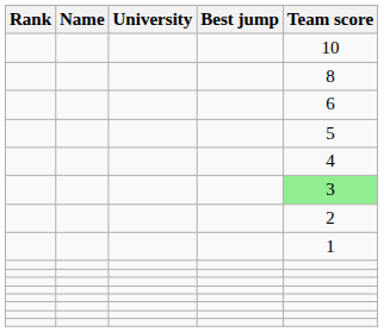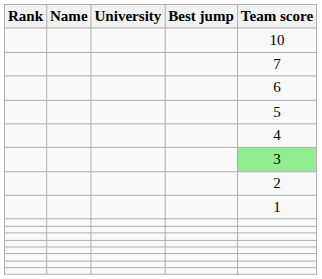 <table class="wikitable sortable" style="text-align:center">
 <tr>
 <th>Rank</th>
 <th>Name</th>
 <th>University</th>
 <th>Best jump</th>
 <th>Team score</th>
 </tr>
 <tr>
 <td></td>
 <td align=left></td>
 <td></td>
 <td><strong></strong></td>
 <td>10</td>
 </tr>
 <tr>
 <td></td>
 <td align=left></td>
 <td></td>
 <td><strong></strong></td>
-<td>8</td>
+<td>7</td>
 </tr>
 <tr>
 <td></td>
 <td align=left></td>
 <td></td>
 <td><strong></strong></td>
 <td>6</td>
 </tr>
 <tr>
 <td></td>
 <td align=left></td>
 <td></td>
 <td><strong></strong></td>
 <td>5</td>
 </tr>
 <tr>
 <td></td>
 <td align=left></td>
 <td></td>
 <td><strong></strong></td>
 <td>4</td>
 </tr>
 <tr>
 <td></td>
 <td align=left></td>
 <td></td>
 <td><strong></strong></td>
 <td style="background: lightgreen;">3</td>
 </tr>
 <tr>
 <td></td>
 <td align=left></td>
 <td></td>
 <td><strong></strong></td>
 <td>2</td>
 </tr>
 <tr>
 <td></td>
 <td align=left></td>
 <td></td>
 <td><strong></strong></td>
 <td>1</td>
 </tr>
 <tr>
 <td></td>
 <td align=left></td>
 <td></td>
 <td><strong></strong></td>
 <td></td>
 </tr>
 <tr>
 <td></td>
 <td align=left></td>
 <td></td>
 <td><strong></strong></td>
 <td></td>
 </tr>
 <tr>
 <td></td>
 <td align=left></td>
 <td></td>
 <td><strong></strong></td>
 <td></td>
 </tr>
 <tr>
 <td></td>
 <td align=left></td>
 <td></td>
 <td><strong></strong></td>
 <td></td>
 </tr>
 <tr>
 <td></td>
 <td align=left></td>
 <td></td>
 <td><strong></strong></td>
 <td></td>
 </tr>
 <tr>
 <td></td>
 <td align=left></td>
 <td></td>
 <td><strong></strong></td>
 <td></td>
 </tr>
 <tr>
 <td></td>
 <td align=left></td>
 <td></td>
 <td><strong></strong></td>
 <td></td>
 </tr>
 <tr>
 <td></td>
 <td align=left></td>
 <td></td>
 <td><strong></strong></td>
 <td></td>
 </tr>
 </table>
